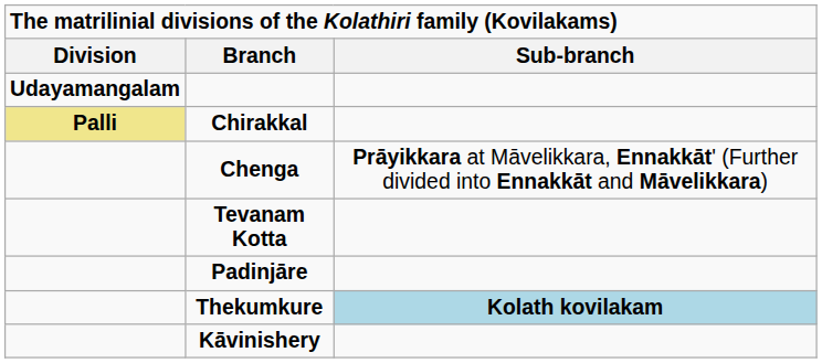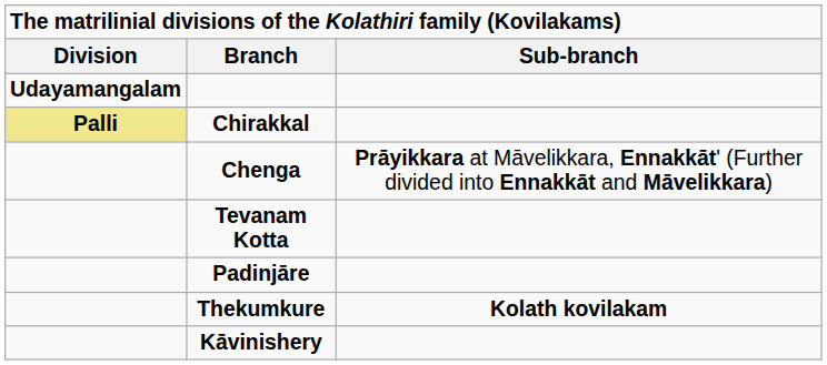 <table class="wikitable">
 <tr>
 <td style="text-align:left;" colspan="4"><strong> The matrilinial divisions of the <em>Kolathiri</em> family (Kovilakams)</strong></td>
 </tr>
 <tr>
 <th>Division</th>
 <th>Branch</th>
 <th>Sub-branch</th>
 </tr>
 <tr style="text-align:center;">
 <td><strong>Udayamangalam</strong></td>
 <td></td>
 <td></td>
 </tr>
 <tr style="text-align:center;">
 <td style="background: khaki;"><strong>Palli</strong></td>
 <td><strong>Chirakkal</strong></td>
 <td></td>
 </tr>
 <tr style="text-align:center;">
 <td></td>
 <td><strong>Chenga</strong></td>
 <td><strong>Prāyikkara</strong> at Māvelikkara, <strong>Ennakkāt</strong>' (Further divided into <strong>Ennakkāt</strong> and <strong>Māvelikkara</strong>)</td>
 </tr>
 <tr style="text-align:center;">
 <td></td>
 <td><strong>Tevanam Kotta</strong></td>
 <td></td>
 </tr>
 <tr style="text-align:center;">
 <td></td>
 <td><strong>Padinjāre</strong></td>
 <td></td>
 </tr>
 <tr style="text-align:center;">
 <td></td>
 <td><strong> Thekumkure</strong></td>
-<td style="background: lightblue;"><strong>Kolath kovilakam</strong></td>
+<td><strong>Kolath kovilakam</strong></td>
 </tr>
 <tr style="text-align:center;">
 <td></td>
 <td><strong>Kāvinishery</strong></td>
 <td></td>
 </tr>
 </table>
